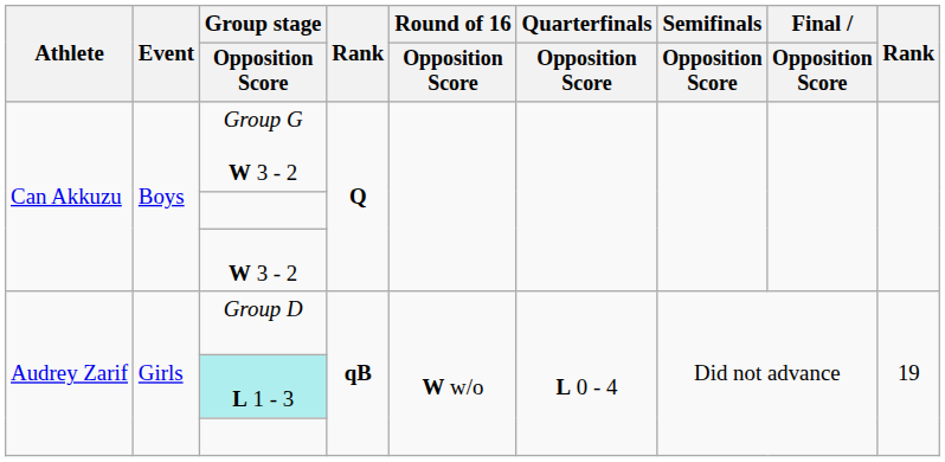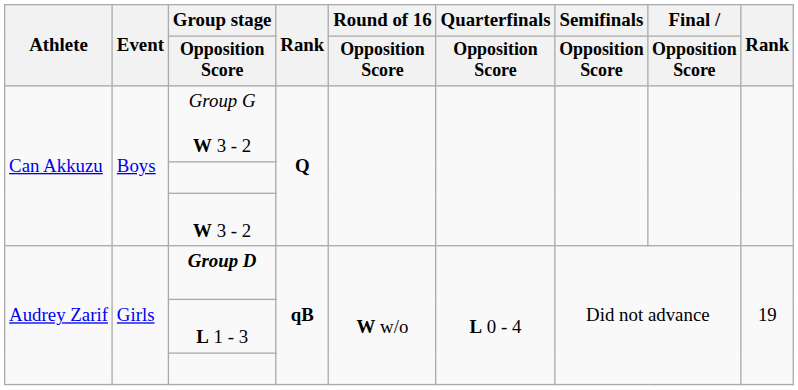 <table class=wikitable style="font-size:90%">
 <tr>
 <th rowspan="2">Athlete</th>
 <th rowspan="2">Event</th>
 <th>Group stage</th>
 <th rowspan="2">Rank</th>
 <th>Round of 16</th>
 <th>Quarterfinals</th>
 <th>Semifinals</th>
 <th>Final / </th>
 <th rowspan=2>Rank</th>
 </tr>
 <tr style="font-size:95%">
 <th>Opposition<br>Score</th>
 <th>Opposition<br>Score</th>
 <th>Opposition<br>Score</th>
 <th>Opposition<br>Score</th>
 <th>Opposition<br>Score</th>
 </tr>
 <tr align=center>
 <td align=left rowspan=3><a href='#'>Can Akkuzu</a></td>
 <td align=left rowspan=3><a href='#'>Boys</a></td>
 <td><em>Group G</em><br><br><strong>W</strong> 3 - 2</td>
 <td rowspan=3><strong>Q</strong></td>
 <td rowspan=3></td>
 <td rowspan=3></td>
 <td rowspan=3></td>
 <td rowspan=3></td>
 <td rowspan=3></td>
 </tr>
 <tr align=center>
 <td><br></td>
 </tr>
 <tr align=center>
 <td><br><strong>W</strong> 3 - 2</td>
 </tr>
 <tr align=center>
 <td align=left rowspan=3><a href='#'>Audrey Zarif</a></td>
 <td align=left rowspan=3><a href='#'>Girls</a></td>
-<td><em>Group D</em><br><br></td>
+<td><strong><em>Group D</em><br><br></strong></td>
 <td rowspan=3><strong>qB</strong></td>
 <td rowspan=3><br><strong>W</strong> w/o</td>
 <td rowspan=3><br><strong>L</strong> 0 - 4</td>
 <td rowspan=3 colspan=2>Did not advance</td>
 <td rowspan=3>19</td>
 </tr>
 <tr align=center>
-<td style="background: paleturquoise;"><br><strong>L</strong> 1 - 3</td>
+<td><br><strong>L</strong> 1 - 3</td>
 </tr>
 <tr align=center>
 <td><br></td>
 </tr>
 </table>
